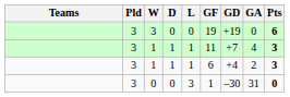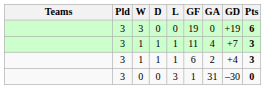 <table class="wikitable" style="text-align: center;">
 <tr>
 <th width=165>Teams</th>
 <th width=20>Pld</th>
 <th width=20>W</th>
 <th width=20>D</th>
 <th width=20>L</th>
 <th width=20>GF</th>
+<th width=20>GA</th>
 <th width=20>GD</th>
-<th width=20>GA</th>
 <th width=20>Pts</th>
 </tr>
 <tr align=center style="background:#ccffcc;">
 <td style="text-align:left;"></td>
 <td>3</td>
 <td>3</td>
 <td>0</td>
 <td>0</td>
 <td>19</td>
+<td>0</td>
 <td>+19</td>
-<td>0</td>
 <td><strong>6</strong></td>
 </tr>
 <tr align=center style="background:#ccffcc;">
 <td style="text-align:left;"></td>
 <td>3</td>
 <td>1</td>
 <td>1</td>
 <td>1</td>
 <td>11</td>
+<td>4</td>
 <td>+7</td>
-<td>4</td>
 <td><strong>3</strong></td>
 </tr>
 <tr align=center>
 <td style="text-align:left;"></td>
 <td>3</td>
 <td>1</td>
 <td>1</td>
 <td>1</td>
 <td>6</td>
+<td>2</td>
 <td>+4</td>
-<td>2</td>
 <td><strong>3</strong></td>
 </tr>
 <tr align=center>
 <td style="text-align:left;"></td>
 <td>3</td>
 <td>0</td>
 <td>0</td>
 <td>3</td>
 <td>1</td>
+<td>31</td>
 <td>–30</td>
-<td>31</td>
 <td><strong>0</strong></td>
 </tr>
 </table>
